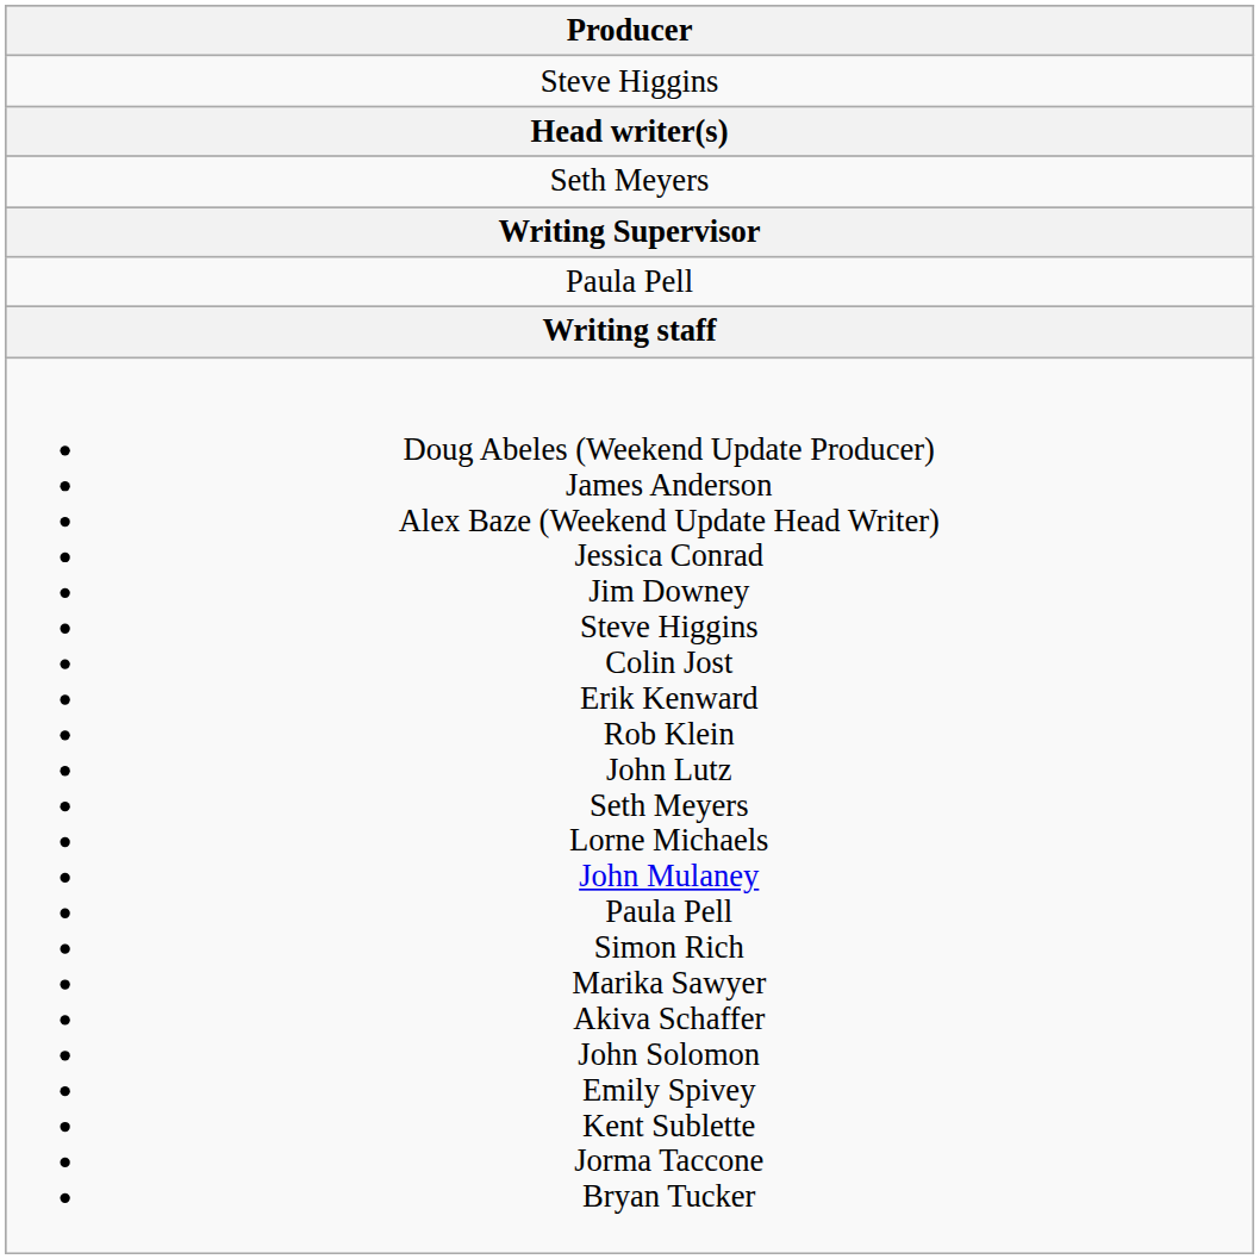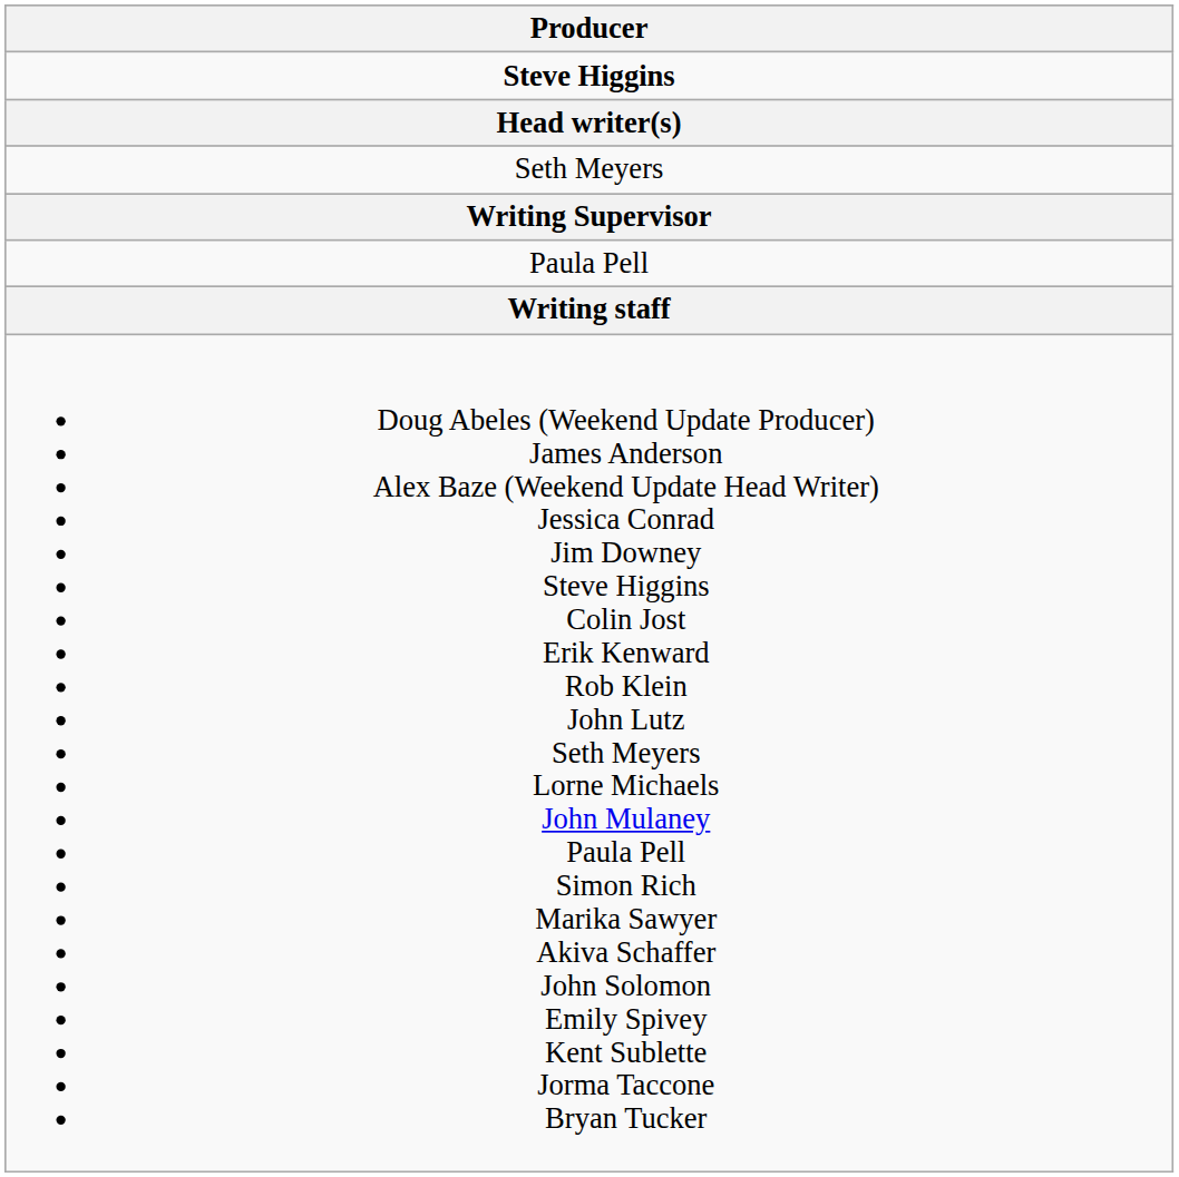 <table class="wikitable plainrowheaders"  style="text-align:center; width:50%;">
 <tr>
 <th><strong>Producer</strong></th>
 </tr>
 <tr>
-<td>Steve Higgins</td>
+<td><strong>Steve Higgins</strong></td>
 </tr>
 <tr>
 <th><strong>Head writer(s)</strong></th>
 </tr>
 <tr>
 <td>Seth Meyers</td>
 </tr>
 <tr>
 <th><strong>Writing Supervisor</strong></th>
 </tr>
 <tr>
 <td>Paula Pell</td>
 </tr>
 <tr>
 <th><strong>Writing staff</strong></th>
 </tr>
 <tr>
 <td><br><ul><li>Doug Abeles (Weekend Update Producer)</li><li>James Anderson</li><li>Alex Baze (Weekend Update Head Writer)</li><li>Jessica Conrad</li><li>Jim Downey</li><li>Steve Higgins</li><li>Colin Jost</li><li>Erik Kenward</li><li>Rob Klein</li><li>John Lutz</li><li>Seth Meyers</li><li>Lorne Michaels</li><li><a href='#'>John Mulaney</a></li><li>Paula Pell</li><li>Simon Rich</li><li>Marika Sawyer</li><li>Akiva Schaffer</li><li>John Solomon</li><li>Emily Spivey</li><li>Kent Sublette</li><li>Jorma Taccone</li><li>Bryan Tucker</li></ul></td>
 </tr>
 </table>
